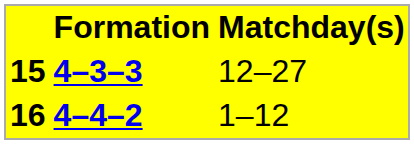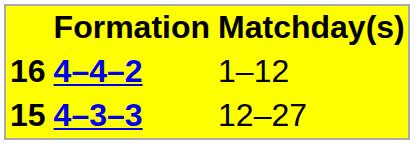 <table class="toccolours" border="0" cellpadding="2" cellspacing="0" align="center" style="margin: 0.5em 0 1em 1em; background: #000000; border: 1px #aaaaaa solid;">
 <tr bgcolor=#FFFF00>
 <th></th>
 <th>Formation</th>
 <th>Matchday(s)</th>
 </tr>
 <tr bgcolor=#FFFF00>
+<td><strong>16</strong></td>
+<td><a href='#'><span><strong>4–4–2</strong></span></a></td>
+<td>1–12</td>
+</tr>
+<tr bgcolor=#FFFF00>
 <td><strong>15</strong></td>
 <td><a href='#'><span><strong>4–3–3</strong></span></a></td>
 <td>12–27</td>
 </tr>
-<tr bgcolor=#FFFF00>
-<td><strong>16</strong></td>
-<td><a href='#'><span><strong>4–4–2</strong></span></a></td>
-<td>1–12</td>
-</tr>
 </table>
